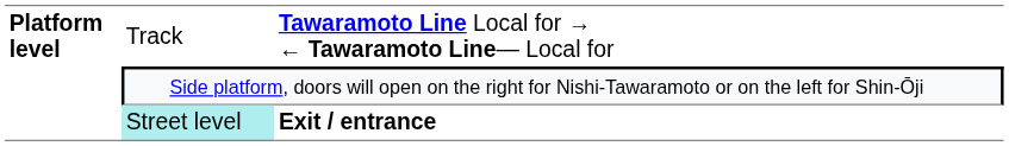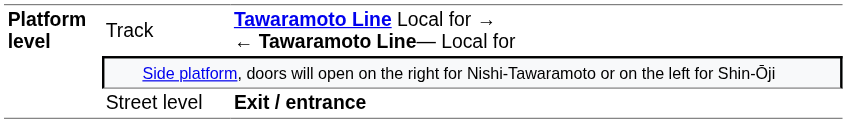 <table border=0 cellspacing=0 cellpadding=3>
 <tr>
 <td style="border-top: 1px solid gray;" width=50 rowspan=2 valign=top><strong>Platform level</strong></td>
 <td style="border-top: 1px solid gray;" width=100>Track</td>
 <td style="border-top: 1px solid gray;" width=500> <strong><a href='#'>Tawaramoto Line</a></strong>  Local for  →<br>←  <strong>Tawaramoto Line</strong>— Local for </td>
 </tr>
 <tr>
 <td style="border-top: 2px solid black;border-right: 2px solid black;border-left: 2px solid black;border-bottom: 1px solid gray; background-color:#f8f9fa;text-align:center;" colspan=2><small><a href='#'>Side platform</a>, doors will open on the right for Nishi-Tawaramoto or on the left for Shin-Ōji</small>     </td>
 </tr>
 <tr>
 <td style="border-bottom: 1px solid gray;" valign=top width=75></td>
-<td style="background: paleturquoise; border-bottom: 1px solid gray;" valign=top width=100>Street level</td>
+<td style="border-bottom: 1px solid gray;" valign=top width=100>Street level</td>
 <td style="border-bottom: 1px solid gray;" valign=top width=500><strong>Exit / entrance</strong></td>
 </tr>
 </table>
